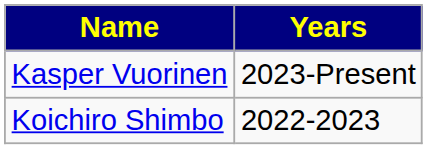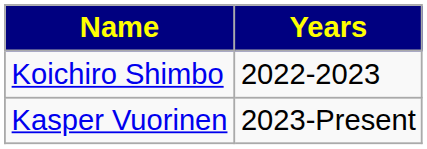 <table class="wikitable width:80%">
 <tr>
 <th style="width=50%; color:#FFFF00; background-color:#000080">Name</th>
 <th style="width=50%; color:#FFFF00; background-color:#000080">Years</th>
 </tr>
 <tr>
+<td> <a href='#'>Koichiro Shimbo</a></td>
+<td>2022-2023</td>
+</tr>
+<tr>
 <td> <a href='#'>Kasper Vuorinen</a></td>
 <td>2023-Present</td>
 </tr>
-<tr>
-<td> <a href='#'>Koichiro Shimbo</a></td>
-<td>2022-2023</td>
-</tr>
 </table>
